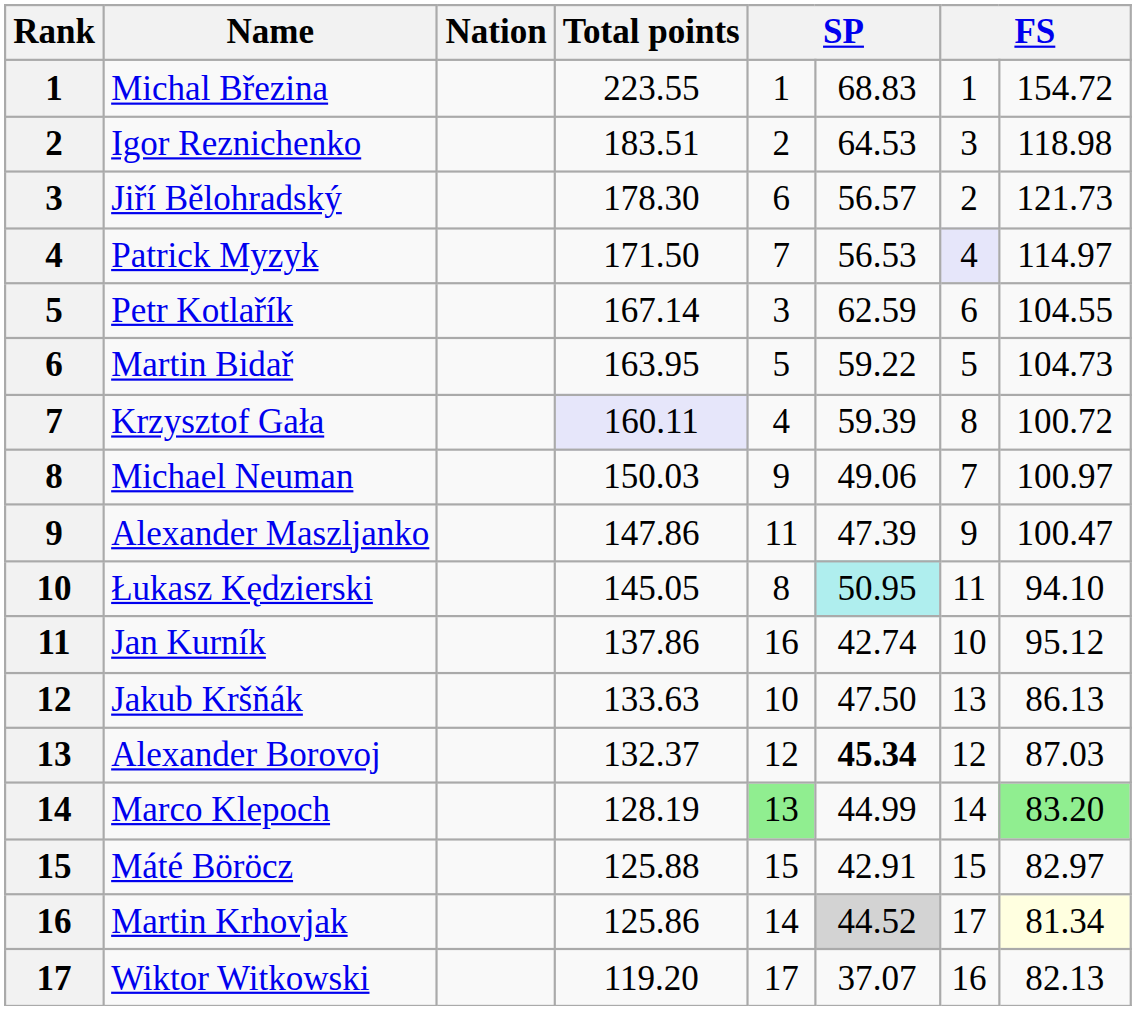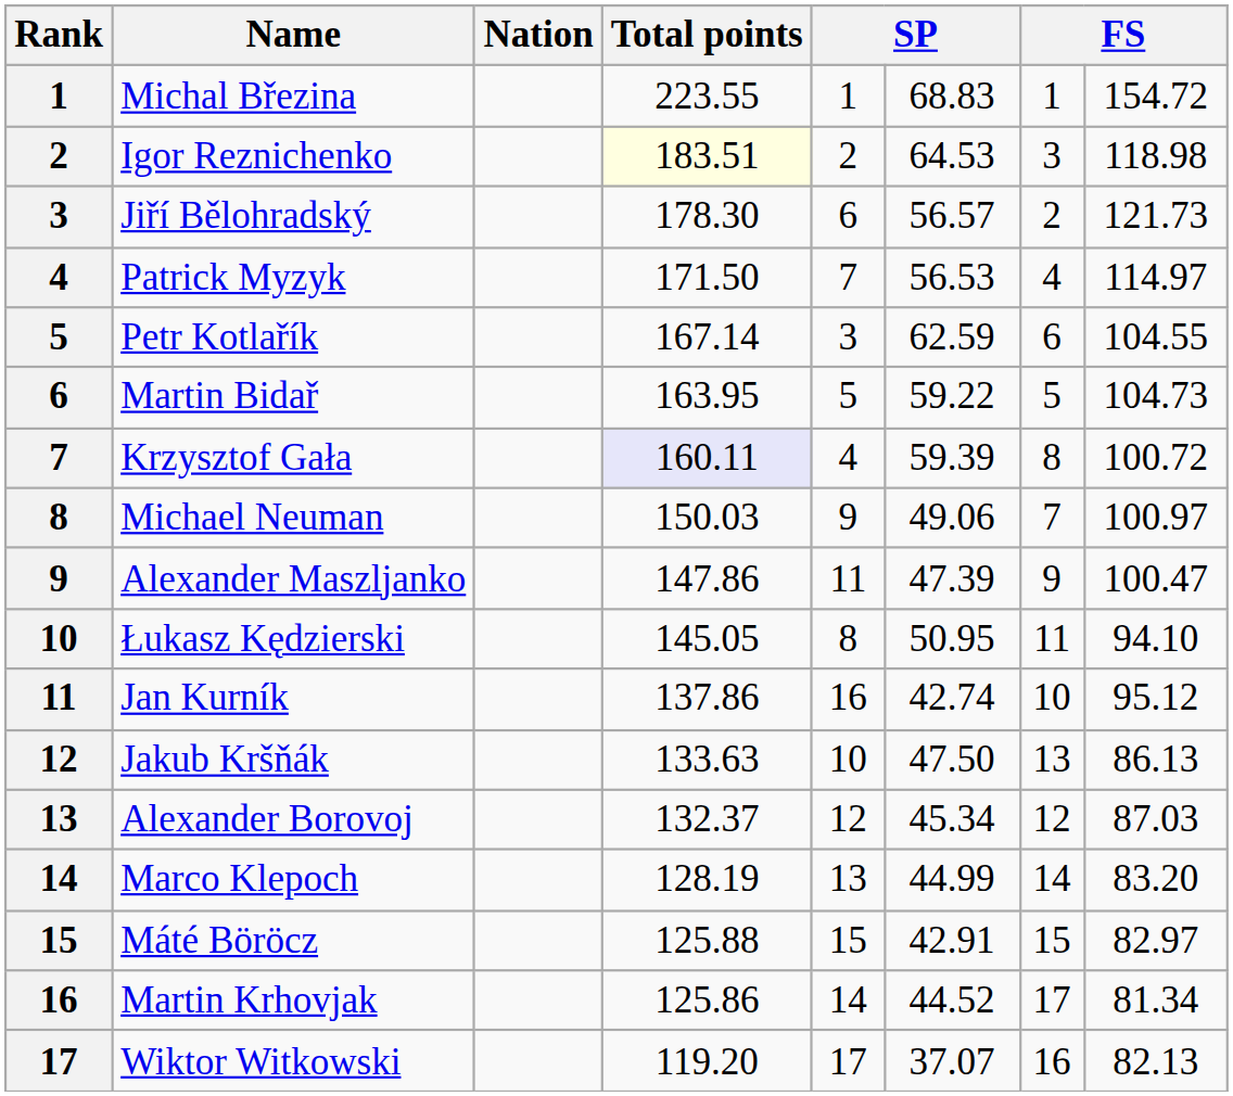 <table class="wikitable sortable">
 <tr>
 <th>Rank</th>
 <th>Name</th>
 <th>Nation</th>
 <th>Total points</th>
 <th colspan=2 width=80px><a href='#'>SP</a></th>
 <th colspan=2 width=80px><a href='#'>FS</a></th>
 </tr>
 <tr>
 <th>1</th>
 <td><a href='#'>Michal Březina</a></td>
 <td></td>
 <td align=center>223.55</td>
 <td align=center>1</td>
 <td align=center>68.83</td>
 <td align=center>1</td>
 <td align=center>154.72</td>
 </tr>
 <tr>
 <th>2</th>
 <td><a href='#'>Igor Reznichenko</a></td>
 <td></td>
-<td align=center>183.51</td>
+<td align=center style="background: lightyellow;">183.51</td>
 <td align=center>2</td>
 <td align=center>64.53</td>
 <td align=center>3</td>
 <td align=center>118.98</td>
 </tr>
 <tr>
 <th>3</th>
 <td><a href='#'>Jiří Bělohradský</a></td>
 <td></td>
 <td align=center>178.30</td>
 <td align=center>6</td>
 <td align=center>56.57</td>
 <td align=center>2</td>
 <td align=center>121.73</td>
 </tr>
 <tr>
 <th>4</th>
 <td><a href='#'>Patrick Myzyk</a></td>
 <td></td>
 <td align=center>171.50</td>
 <td align=center>7</td>
 <td align=center>56.53</td>
-<td align=center style="background: lavender;">4</td>
+<td align=center>4</td>
 <td align=center>114.97</td>
 </tr>
 <tr>
 <th>5</th>
 <td><a href='#'>Petr Kotlařík</a></td>
 <td></td>
 <td align=center>167.14</td>
 <td align=center>3</td>
 <td align=center>62.59</td>
 <td align=center>6</td>
 <td align=center>104.55</td>
 </tr>
 <tr>
 <th>6</th>
 <td><a href='#'>Martin Bidař</a></td>
 <td></td>
 <td align=center>163.95</td>
 <td align=center>5</td>
 <td align=center>59.22</td>
 <td align=center>5</td>
 <td align=center>104.73</td>
 </tr>
 <tr>
 <th>7</th>
 <td><a href='#'>Krzysztof Gała</a></td>
 <td></td>
 <td align=center style="background: lavender;">160.11</td>
 <td align=center>4</td>
 <td align=center>59.39</td>
 <td align=center>8</td>
 <td align=center>100.72</td>
 </tr>
 <tr>
 <th>8</th>
 <td><a href='#'>Michael Neuman</a></td>
 <td></td>
 <td align=center>150.03</td>
 <td align=center>9</td>
 <td align=center>49.06</td>
 <td align=center>7</td>
 <td align=center>100.97</td>
 </tr>
 <tr>
 <th>9</th>
 <td><a href='#'>Alexander Maszljanko</a></td>
 <td></td>
 <td align=center>147.86</td>
 <td align=center>11</td>
 <td align=center>47.39</td>
 <td align=center>9</td>
 <td align=center>100.47</td>
 </tr>
 <tr>
 <th>10</th>
 <td><a href='#'>Łukasz Kędzierski</a></td>
 <td></td>
 <td align=center>145.05</td>
 <td align=center>8</td>
-<td align=center style="background: paleturquoise;">50.95</td>
+<td align=center>50.95</td>
 <td align=center>11</td>
 <td align=center>94.10</td>
 </tr>
 <tr>
 <th>11</th>
 <td><a href='#'>Jan Kurník</a></td>
 <td></td>
 <td align=center>137.86</td>
 <td align=center>16</td>
 <td align=center>42.74</td>
 <td align=center>10</td>
 <td align=center>95.12</td>
 </tr>
 <tr>
 <th>12</th>
 <td><a href='#'>Jakub Kršňák</a></td>
 <td></td>
 <td align=center>133.63</td>
 <td align=center>10</td>
 <td align=center>47.50</td>
 <td align=center>13</td>
 <td align=center>86.13</td>
 </tr>
 <tr>
 <th>13</th>
 <td><a href='#'>Alexander Borovoj</a></td>
 <td></td>
 <td align=center>132.37</td>
 <td align=center>12</td>
-<td align=center><strong>45.34</strong></td>
+<td align=center>45.34</td>
 <td align=center>12</td>
 <td align=center>87.03</td>
 </tr>
 <tr>
 <th>14</th>
 <td><a href='#'>Marco Klepoch</a></td>
 <td></td>
 <td align=center>128.19</td>
-<td align=center style="background: lightgreen;">13</td>
+<td align=center>13</td>
 <td align=center>44.99</td>
 <td align=center>14</td>
-<td align=center style="background: lightgreen;">83.20</td>
+<td align=center>83.20</td>
 </tr>
 <tr>
 <th>15</th>
 <td><a href='#'>Máté Böröcz</a></td>
 <td></td>
 <td align=center>125.88</td>
 <td align=center>15</td>
 <td align=center>42.91</td>
 <td align=center>15</td>
 <td align=center>82.97</td>
 </tr>
 <tr>
 <th>16</th>
 <td><a href='#'>Martin Krhovjak</a></td>
 <td></td>
 <td align=center>125.86</td>
 <td align=center>14</td>
-<td align=center style="background: lightgrey;">44.52</td>
+<td align=center>44.52</td>
 <td align=center>17</td>
-<td align=center style="background: lightyellow;">81.34</td>
+<td align=center>81.34</td>
 </tr>
 <tr>
 <th>17</th>
 <td><a href='#'>Wiktor Witkowski</a></td>
 <td></td>
 <td align=center>119.20</td>
 <td align=center>17</td>
 <td align=center>37.07</td>
 <td align=center>16</td>
 <td align=center>82.13</td>
 </tr>
 </table>
